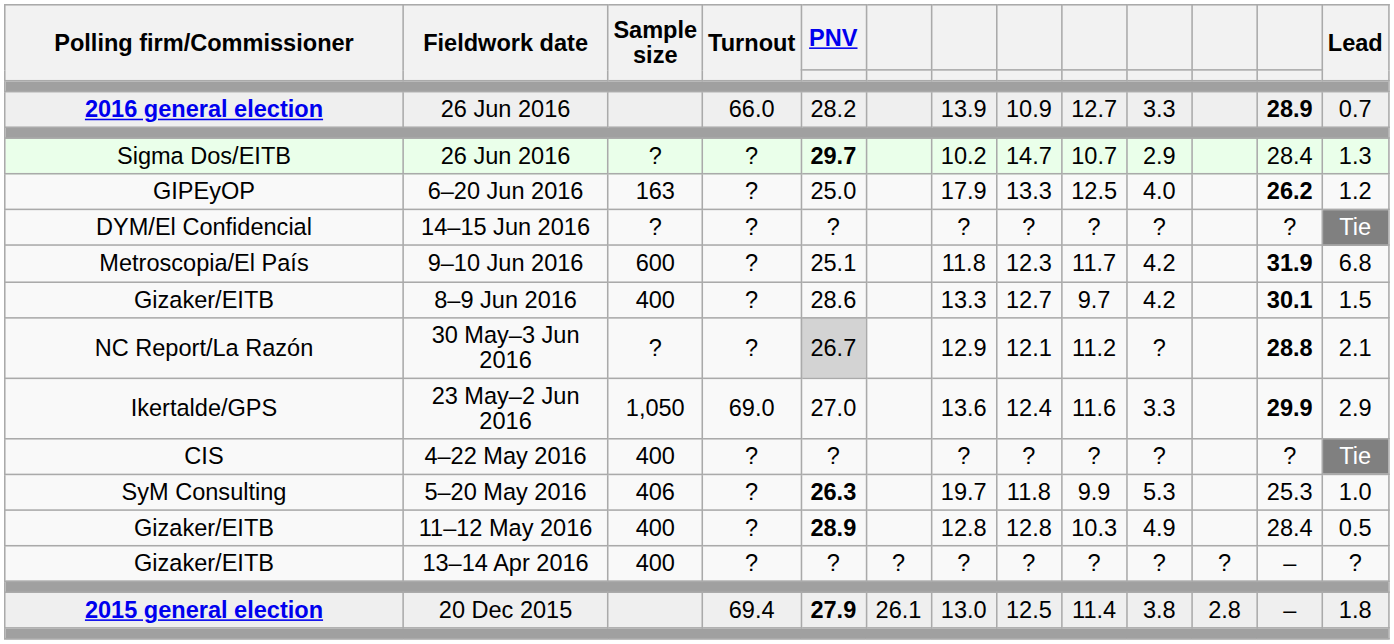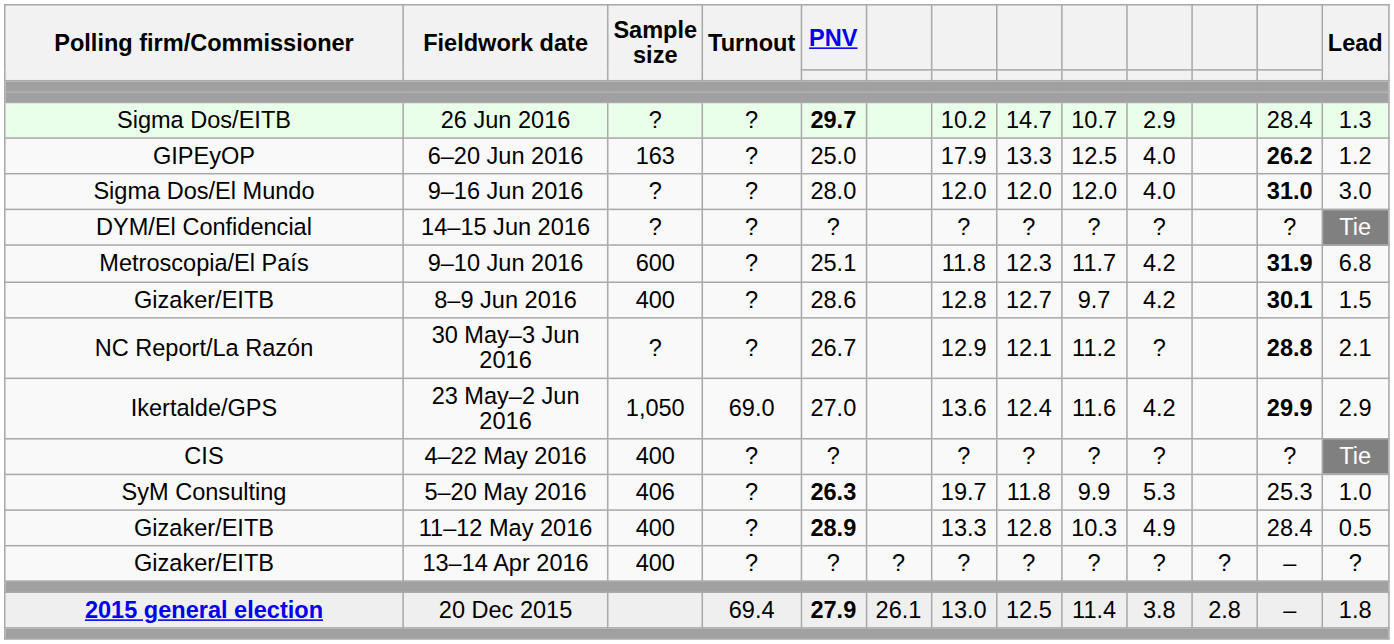 <table class="wikitable collapsible collapsed" style="text-align:center; font-size:95%; line-height:16px;">
 <tr style="height:42px; background-color:#E9E9E9">
 <th style="width:250px;" rowspan="2">Polling firm/Commissioner</th>
 <th style="width:125px;" rowspan="2">Fieldwork date</th>
 <th style="width:50px;" rowspan="2">Sample size</th>
 <th style="width:45px;" rowspan="2">Turnout</th>
 <th style="width:35px;"><a href='#'>PNV</a></th>
 <th style="width:35px;"></th>
 <th style="width:35px;"></th>
 <th style="width:35px;"></th>
 <th style="width:35px;"></th>
 <th style="width:35px;"></th>
 <th style="width:35px;"></th>
 <th style="width:35px;"></th>
 <th style="width:30px;" rowspan="2">Lead</th>
 </tr>
 <tr>
 <th style="color:inherit;background:"></th>
 <th style="color:inherit;background:"></th>
 <th style="color:inherit;background:"></th>
 <th style="color:inherit;background:"></th>
 <th style="color:inherit;background:"></th>
 <th style="color:inherit;background:"></th>
 <th style="color:inherit;background:"></th>
 <th style="color:inherit;background:"></th>
 </tr>
 <tr>
 <td colspan="13" style="background:#A0A0A0"></td>
-</tr>
-<tr style="background:#EFEFEF;">
-<td><strong><a href='#'>2016 general election</a></strong></td>
-<td>26 Jun 2016</td>
-<td></td>
-<td>66.0</td>
-<td>28.2<br></td>
-<td></td>
-<td>13.9<br></td>
-<td>10.9<br></td>
-<td>12.7<br></td>
-<td>3.3<br></td>
-<td></td>
-<td><strong>28.9</strong><br></td>
-<td style="background:">0.7</td>
 </tr>
 <tr>
 <td colspan="13" style="background:#A0A0A0"></td>
 </tr>
 <tr style="background:#EAFFEA;">
 <td>Sigma Dos/EITB</td>
 <td>26 Jun 2016</td>
 <td>?</td>
 <td>?</td>
 <td><strong>29.7</strong><br></td>
 <td></td>
 <td>10.2<br></td>
 <td>14.7<br></td>
 <td>10.7<br></td>
 <td>2.9<br></td>
 <td></td>
 <td>28.4<br></td>
 <td style="background:">1.3</td>
 </tr>
 <tr>
 <td>GIPEyOP</td>
 <td>6–20 Jun 2016</td>
 <td>163</td>
 <td>?</td>
 <td>25.0<br></td>
 <td></td>
 <td>17.9<br></td>
 <td>13.3<br></td>
 <td>12.5<br></td>
 <td>4.0<br></td>
 <td></td>
 <td><strong>26.2</strong><br></td>
 <td style="background:">1.2</td>
+</tr>
+<tr>
+<td>Sigma Dos/El Mundo</td>
+<td>9–16 Jun 2016</td>
+<td>?</td>
+<td>?</td>
+<td>28.0<br></td>
+<td></td>
+<td>12.0<br></td>
+<td>12.0<br></td>
+<td>12.0<br></td>
+<td>4.0<br></td>
+<td></td>
+<td><strong>31.0</strong><br></td>
+<td style="background:">3.0</td>
 </tr>
 <tr>
 <td>DYM/El Confidencial</td>
 <td>14–15 Jun 2016</td>
 <td>?</td>
 <td>?</td>
 <td>?<br></td>
 <td></td>
 <td>?<br></td>
 <td>?<br></td>
 <td>?<br></td>
 <td>?<br></td>
 <td></td>
 <td>?<br></td>
 <td style="background:gray;color:white;">Tie</td>
 </tr>
 <tr>
 <td>Metroscopia/El País</td>
 <td>9–10 Jun 2016</td>
 <td>600</td>
 <td>?</td>
 <td>25.1<br></td>
 <td></td>
 <td>11.8<br></td>
 <td>12.3<br></td>
 <td>11.7<br></td>
 <td>4.2<br></td>
 <td></td>
 <td><strong>31.9</strong><br></td>
 <td style="background:">6.8</td>
 </tr>
 <tr>
 <td>Gizaker/EITB</td>
 <td>8–9 Jun 2016</td>
 <td>400</td>
 <td>?</td>
 <td>28.6<br></td>
 <td></td>
-<td>13.3<br></td>
+<td>12.8<br></td>
 <td>12.7<br></td>
 <td>9.7<br></td>
 <td>4.2<br></td>
 <td></td>
 <td><strong>30.1</strong><br></td>
 <td style="background:">1.5</td>
 </tr>
 <tr>
 <td>NC Report/La Razón</td>
 <td>30 May–3 Jun 2016</td>
 <td>?</td>
 <td>?</td>
-<td style="background: lightgrey;">26.7<br></td>
+<td>26.7<br></td>
 <td></td>
 <td>12.9<br></td>
 <td>12.1<br></td>
 <td>11.2<br></td>
 <td>?<br></td>
 <td></td>
 <td><strong>28.8</strong><br></td>
 <td style="background:">2.1</td>
 </tr>
 <tr>
 <td>Ikertalde/GPS</td>
 <td>23 May–2 Jun 2016</td>
 <td>1,050</td>
 <td>69.0</td>
 <td>27.0<br></td>
 <td></td>
 <td>13.6<br></td>
 <td>12.4<br></td>
 <td>11.6<br></td>
-<td>3.3<br></td>
+<td>4.2<br></td>
 <td></td>
 <td><strong>29.9</strong><br></td>
 <td style="background:">2.9</td>
 </tr>
 <tr>
 <td>CIS</td>
 <td>4–22 May 2016</td>
 <td>400</td>
 <td>?</td>
 <td>?<br></td>
 <td></td>
 <td>?<br></td>
 <td>?<br></td>
 <td>?<br></td>
 <td>?<br></td>
 <td></td>
 <td>?<br></td>
 <td style="background:gray;color:white;">Tie</td>
 </tr>
 <tr>
 <td>SyM Consulting</td>
 <td>5–20 May 2016</td>
 <td>406</td>
 <td>?</td>
 <td><strong>26.3</strong><br></td>
 <td></td>
 <td>19.7<br></td>
 <td>11.8<br></td>
 <td>9.9<br></td>
 <td>5.3<br></td>
 <td></td>
 <td>25.3<br></td>
 <td style="background:">1.0</td>
 </tr>
 <tr>
 <td>Gizaker/EITB</td>
 <td>11–12 May 2016</td>
 <td>400</td>
 <td>?</td>
 <td><strong>28.9</strong><br></td>
 <td></td>
-<td>12.8<br></td>
+<td>13.3<br></td>
 <td>12.8<br></td>
 <td>10.3<br></td>
 <td>4.9<br></td>
 <td></td>
 <td>28.4<br></td>
 <td style="background:">0.5</td>
 </tr>
 <tr>
 <td>Gizaker/EITB</td>
 <td>13–14 Apr 2016</td>
 <td>400</td>
 <td>?</td>
 <td>?<br></td>
 <td>?<br></td>
 <td>?<br></td>
 <td>?<br></td>
 <td>?<br></td>
 <td>?<br></td>
 <td>?<br></td>
 <td>–</td>
 <td style="background:">?</td>
 </tr>
 <tr>
 <td colspan="13" style="background:#A0A0A0"></td>
 </tr>
 <tr style="background:#EFEFEF;">
 <td><strong><a href='#'>2015 general election</a></strong></td>
 <td>20 Dec 2015</td>
 <td></td>
 <td>69.4</td>
 <td><strong>27.9</strong><br></td>
 <td>26.1<br></td>
 <td>13.0<br></td>
 <td>12.5<br></td>
 <td>11.4<br></td>
 <td>3.8<br></td>
 <td>2.8<br></td>
 <td>–</td>
 <td style="background:">1.8</td>
 </tr>
 <tr>
 <td colspan="13" style="background:#A0A0A0"></td>
 </tr>
 </table>
